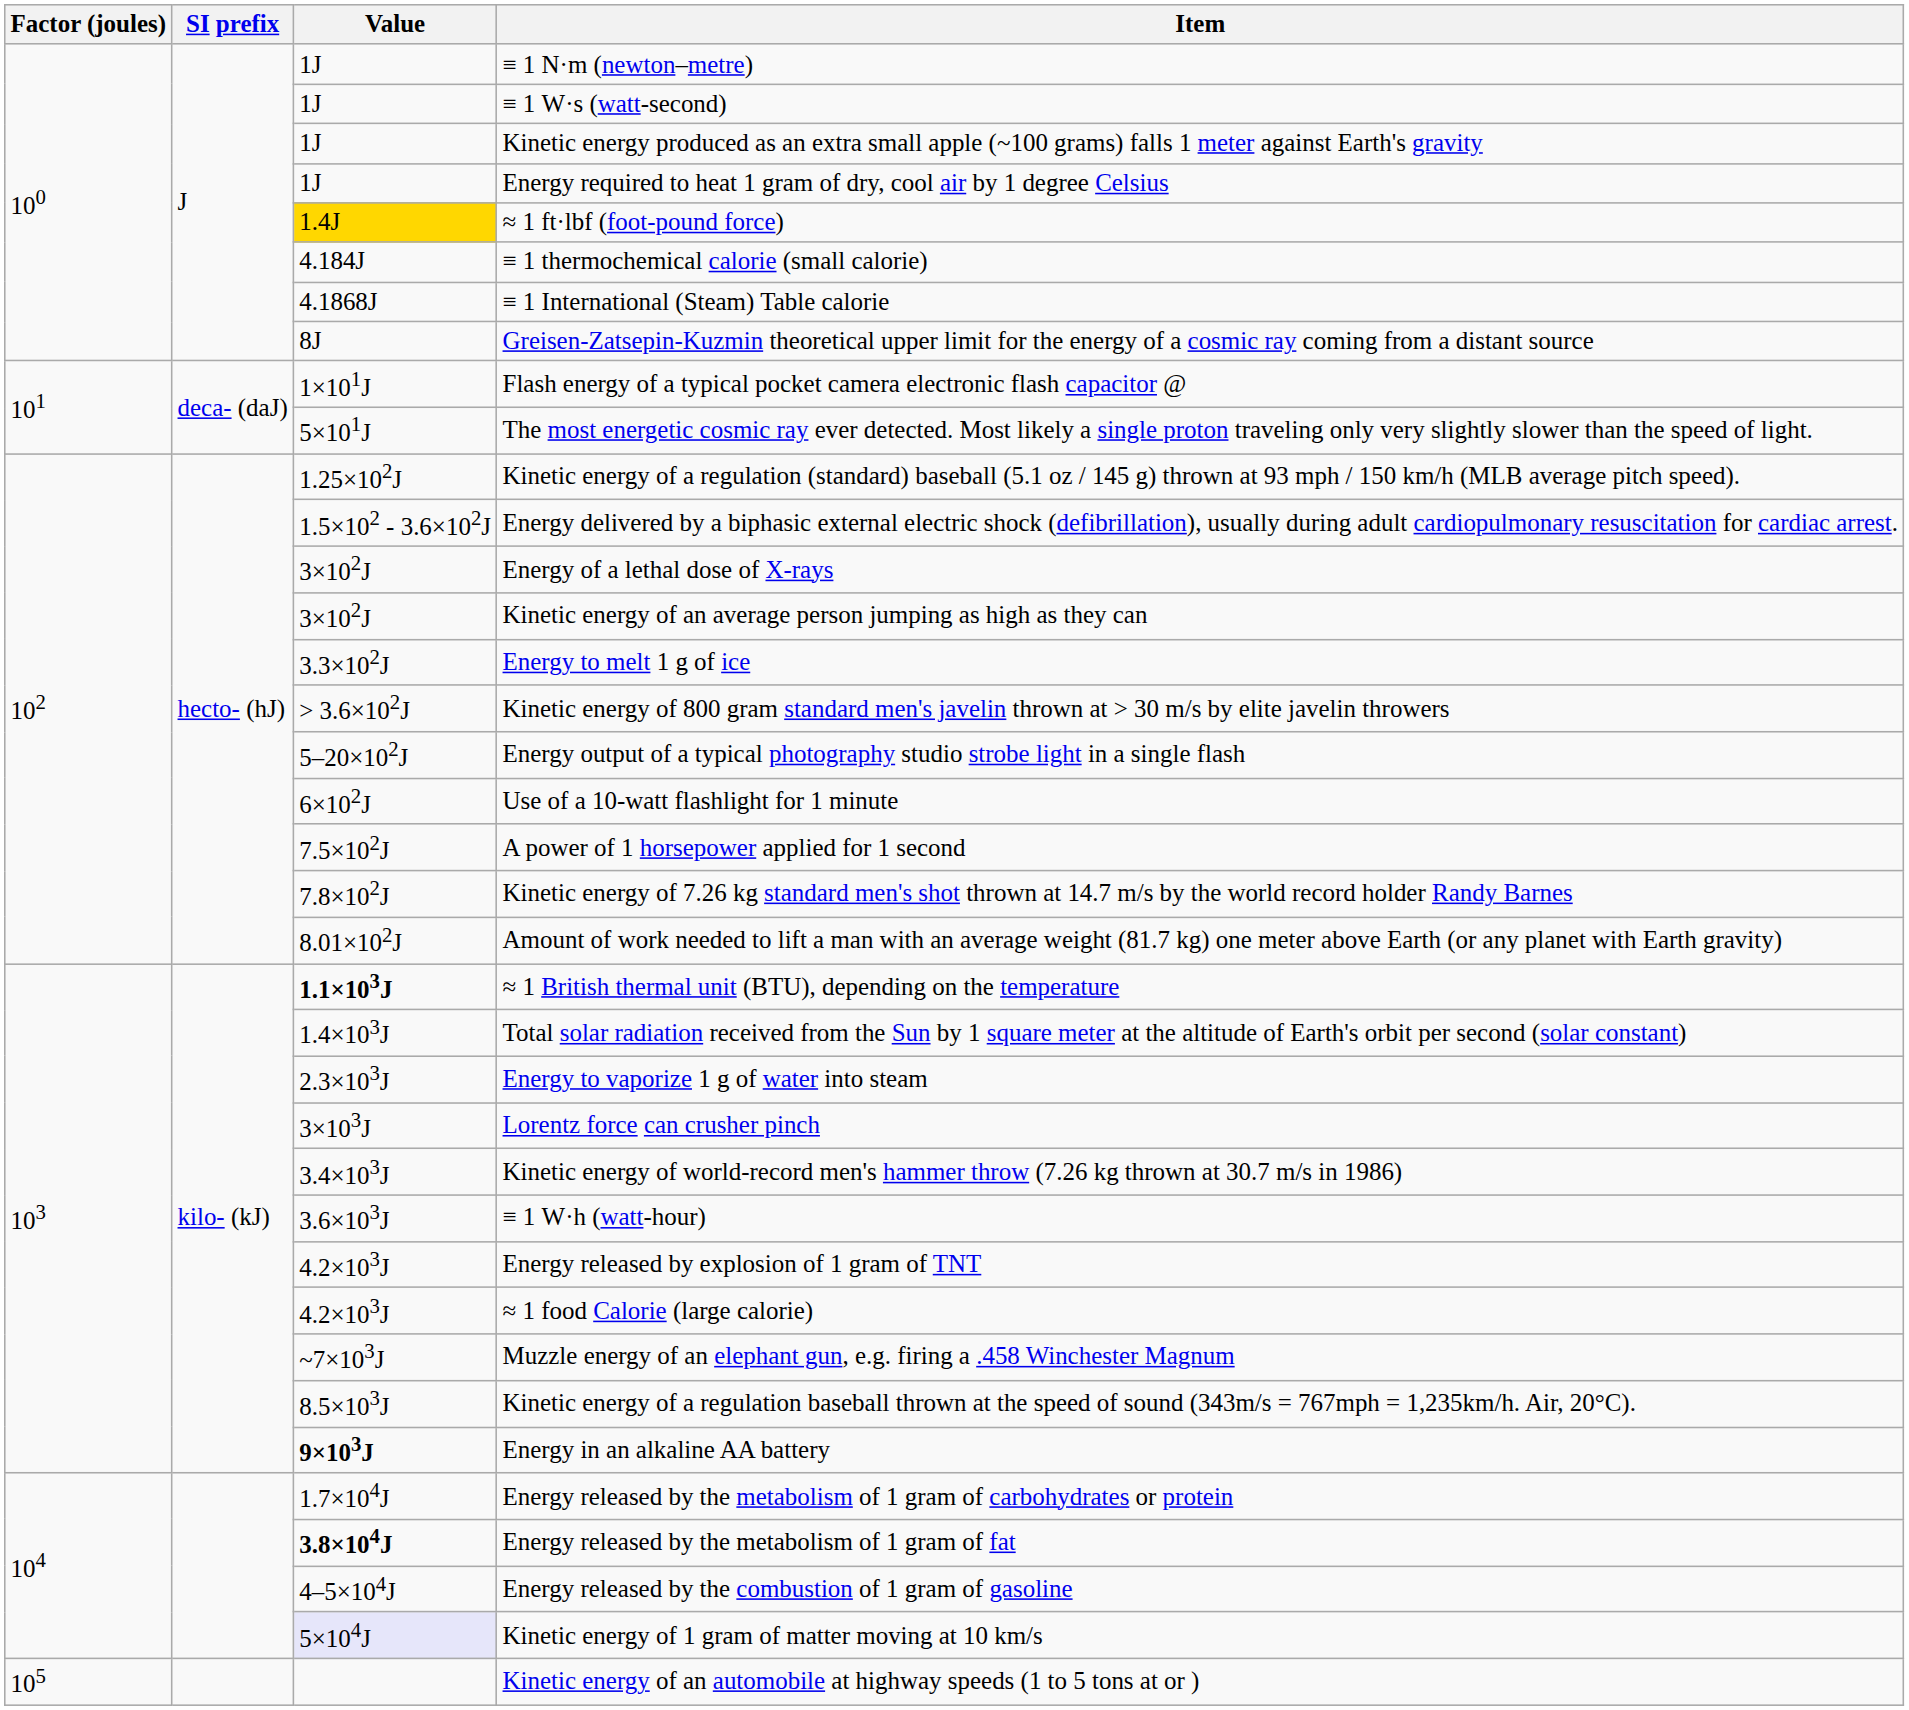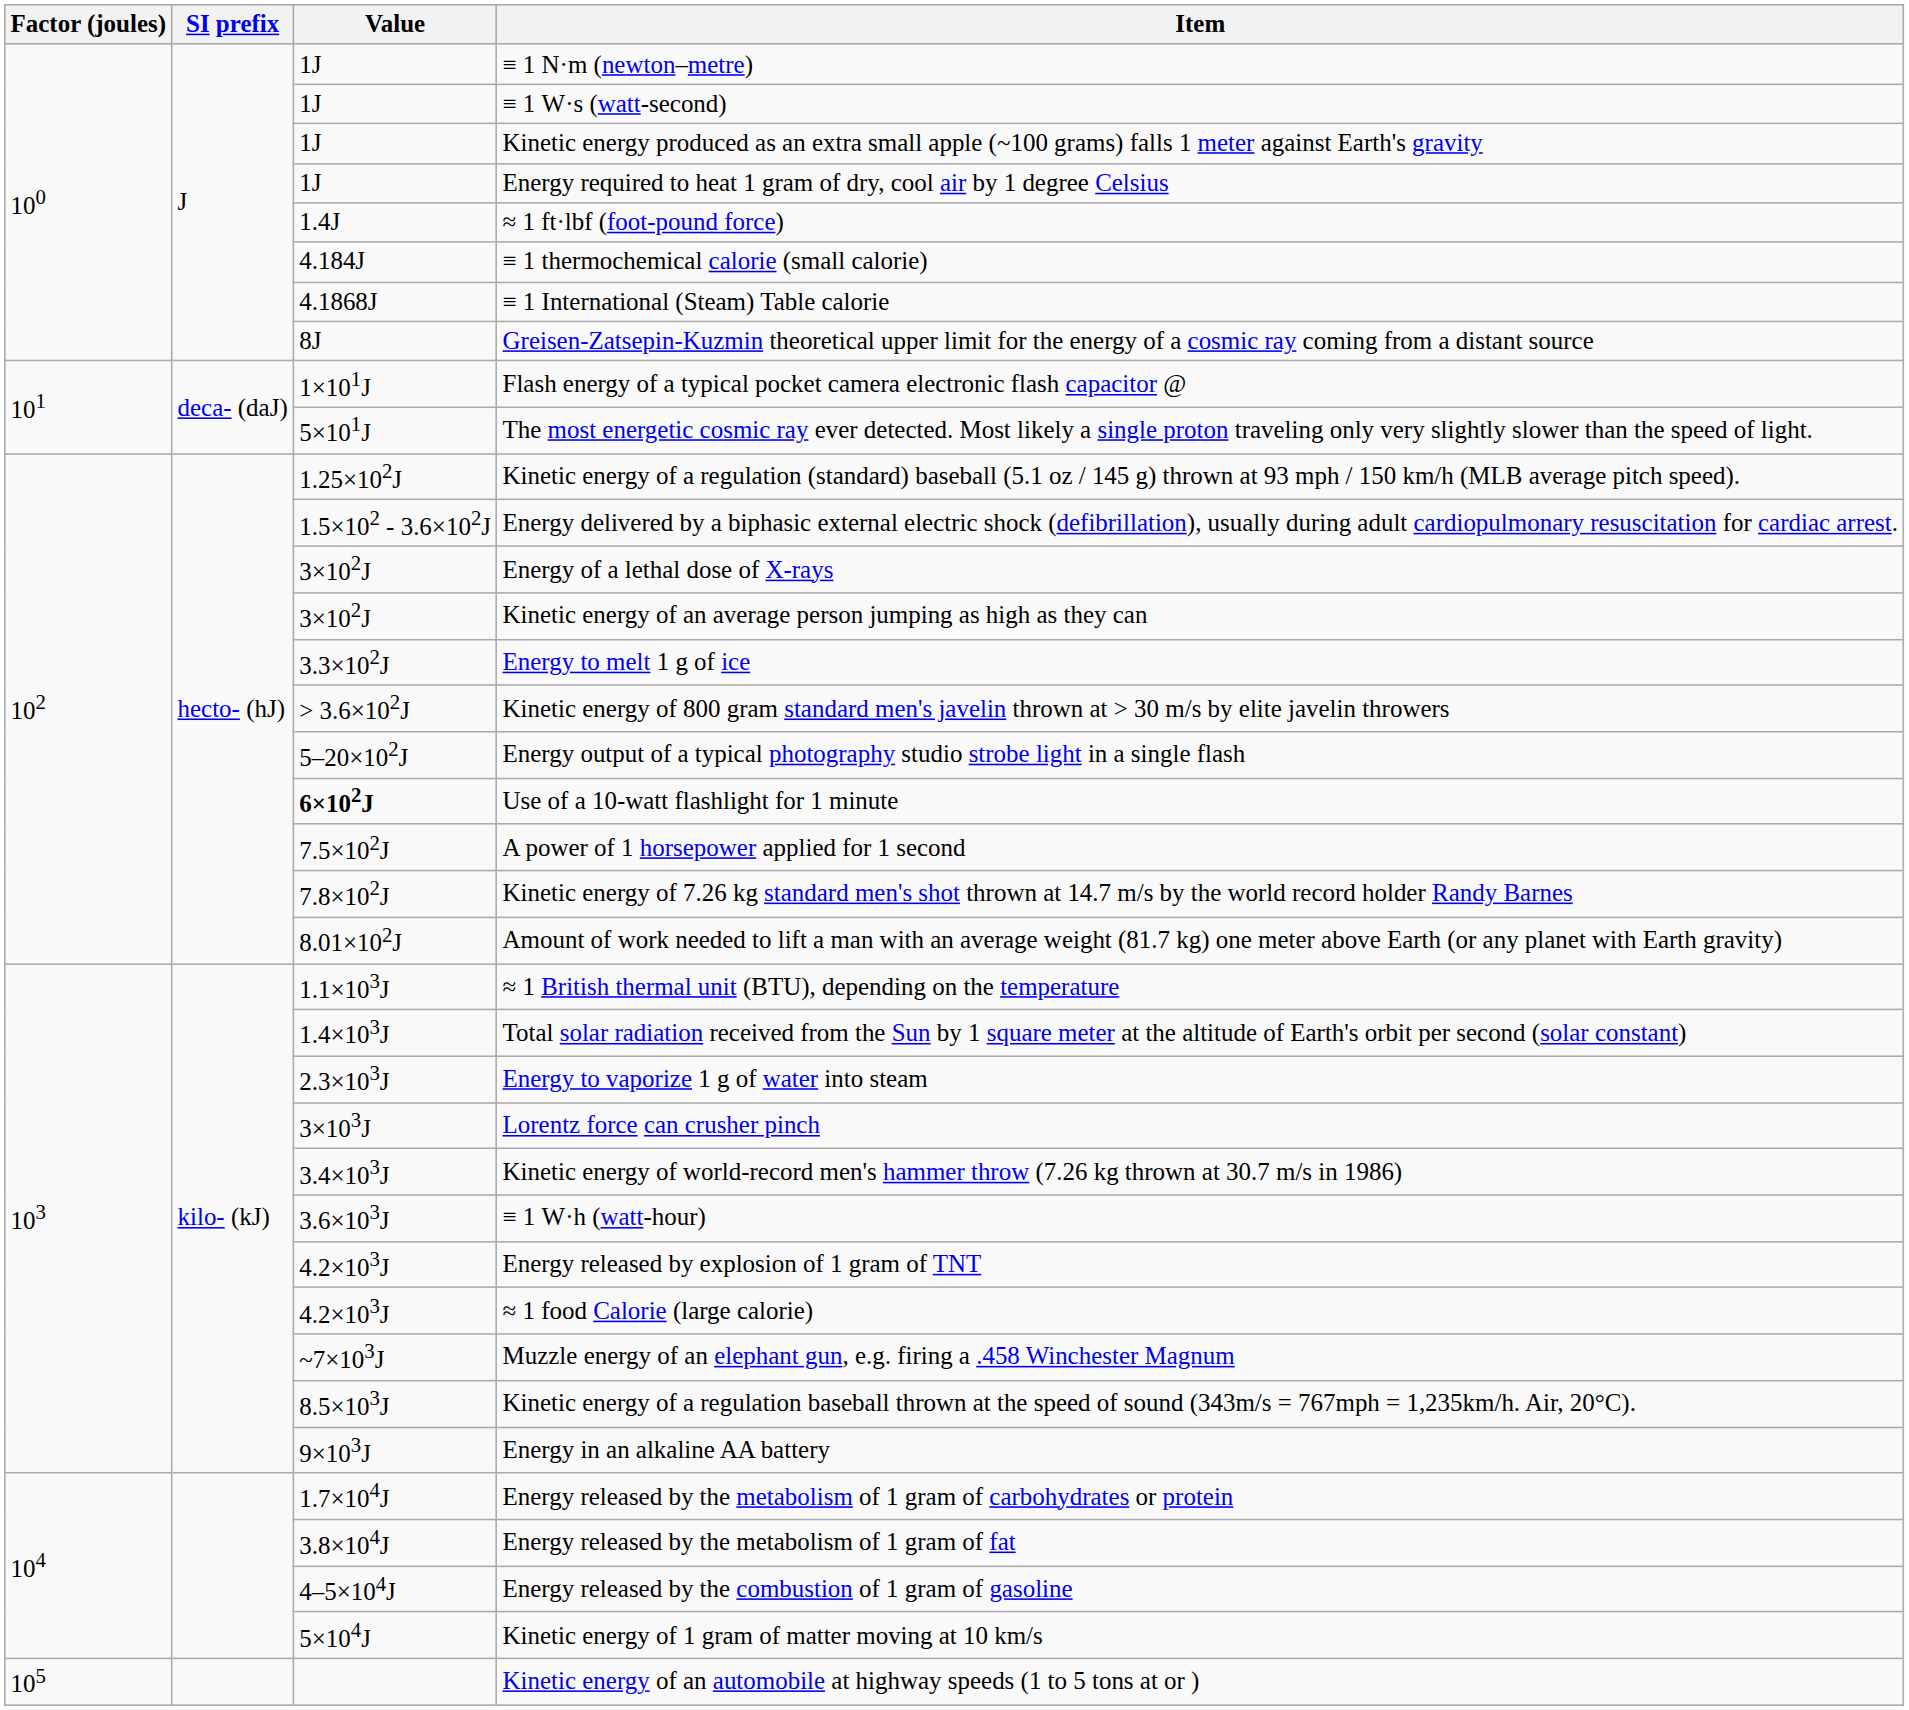 <table class="wikitable">
 <tr>
 <th>Factor (joules)</th>
 <th><a href='#'>SI</a> <a href='#'>prefix</a></th>
 <th>Value</th>
 <th>Item</th>
 </tr>
 <tr>
 <td rowspan=8>10<sup>0</sup></td>
 <td rowspan=8>J</td>
 <td>1J</td>
 <td>≡ 1 N·m (<a href='#'>newton</a>–<a href='#'>metre</a>)</td>
 </tr>
 <tr>
 <td>1J</td>
 <td>≡ 1 W·s (<a href='#'>watt</a>-second)</td>
 </tr>
 <tr>
 <td>1J</td>
 <td>Kinetic energy produced as an extra small apple (~100 grams) falls 1 <a href='#'>meter</a> against Earth's <a href='#'>gravity</a></td>
 </tr>
 <tr>
 <td>1J</td>
 <td>Energy required to heat 1 gram of dry, cool <a href='#'>air</a> by 1 degree <a href='#'>Celsius</a></td>
 </tr>
 <tr>
-<td style="background: gold;">1.4J</td>
+<td>1.4J</td>
 <td>≈ 1 ft·lbf (<a href='#'>foot-pound force</a>)</td>
 </tr>
 <tr>
 <td>4.184J</td>
 <td>≡ 1 thermochemical <a href='#'>calorie</a> (small calorie)</td>
 </tr>
 <tr>
 <td>4.1868J</td>
 <td>≡ 1 International (Steam) Table calorie</td>
 </tr>
 <tr>
 <td>8J</td>
 <td><a href='#'>Greisen-Zatsepin-Kuzmin</a> theoretical upper limit for the energy of a <a href='#'>cosmic ray</a> coming from a distant source</td>
 </tr>
 <tr>
 <td rowspan="2">10<sup>1</sup></td>
 <td rowspan="2"><a href='#'>deca-</a> (daJ)</td>
 <td>1×10<sup>1</sup>J</td>
 <td>Flash energy of a typical pocket camera electronic flash <a href='#'>capacitor</a>  @ </td>
 </tr>
 <tr>
 <td>5×10<sup>1</sup>J</td>
 <td>The <a href='#'>most energetic cosmic ray</a> ever detected. Most likely a <a href='#'>single proton</a> traveling only very slightly slower than the speed of light.</td>
 </tr>
 <tr>
 <td rowspan="11">10<sup>2</sup></td>
 <td rowspan="11"><a href='#'>hecto-</a> (hJ)</td>
 <td>1.25×10<sup>2</sup>J</td>
 <td>Kinetic energy of a regulation (standard) baseball (5.1 oz / 145 g) thrown at 93 mph / 150 km/h (MLB average pitch speed).</td>
 </tr>
 <tr>
 <td>1.5×10<sup>2</sup> - 3.6×10<sup>2</sup>J</td>
 <td>Energy delivered by a biphasic external electric shock (<a href='#'>defibrillation</a>), usually during adult <a href='#'>cardiopulmonary resuscitation</a> for <a href='#'>cardiac arrest</a>.</td>
 </tr>
 <tr>
 <td>3×10<sup>2</sup>J</td>
 <td>Energy of a lethal dose of <a href='#'>X-rays</a></td>
 </tr>
 <tr>
 <td>3×10<sup>2</sup>J</td>
 <td>Kinetic energy of an average person jumping as high as they can</td>
 </tr>
 <tr>
 <td>3.3×10<sup>2</sup>J</td>
 <td><a href='#'>Energy to melt</a> 1 g of <a href='#'>ice</a></td>
 </tr>
 <tr>
 <td>> 3.6×10<sup>2</sup>J</td>
 <td>Kinetic energy of 800 gram <a href='#'>standard men's javelin</a> thrown at > 30 m/s by elite javelin throwers</td>
 </tr>
 <tr>
 <td>5–20×10<sup>2</sup>J</td>
 <td>Energy output of a typical <a href='#'>photography</a> studio <a href='#'>strobe light</a> in a single flash</td>
 </tr>
 <tr>
-<td>6×10<sup>2</sup>J</td>
+<td><strong>6×10<sup>2</sup>J</strong></td>
 <td>Use of a 10-watt flashlight for 1 minute</td>
 </tr>
 <tr>
 <td>7.5×10<sup>2</sup>J</td>
 <td>A power of 1 <a href='#'>horsepower</a> applied for 1 second</td>
 </tr>
 <tr>
 <td>7.8×10<sup>2</sup>J</td>
 <td>Kinetic energy of 7.26 kg <a href='#'>standard men's shot</a> thrown at 14.7 m/s by the world record holder <a href='#'>Randy Barnes</a></td>
 </tr>
 <tr>
 <td>8.01×10<sup>2</sup>J</td>
 <td>Amount of work needed to lift a man with an average weight (81.7 kg) one meter above Earth (or any planet with Earth gravity)</td>
 </tr>
 <tr>
 <td rowspan="11">10<sup>3</sup></td>
 <td rowspan="11"><a href='#'>kilo-</a> (kJ)</td>
-<td><strong>1.1×10<sup>3</sup>J</strong></td>
+<td>1.1×10<sup>3</sup>J</td>
 <td>≈ 1 <a href='#'>British thermal unit</a> (BTU), depending on the <a href='#'>temperature</a></td>
 </tr>
 <tr>
 <td>1.4×10<sup>3</sup>J</td>
 <td>Total <a href='#'>solar radiation</a> received from the <a href='#'>Sun</a> by 1 <a href='#'>square meter</a> at the altitude of Earth's orbit per second (<a href='#'>solar constant</a>)</td>
 </tr>
 <tr>
 <td>2.3×10<sup>3</sup>J</td>
 <td><a href='#'>Energy to vaporize</a> 1 g of <a href='#'>water</a> into steam</td>
 </tr>
 <tr>
 <td>3×10<sup>3</sup>J</td>
 <td><a href='#'>Lorentz force</a> <a href='#'>can crusher pinch</a></td>
 </tr>
 <tr>
 <td>3.4×10<sup>3</sup>J</td>
 <td>Kinetic energy of world-record men's <a href='#'>hammer throw</a> (7.26 kg thrown at 30.7 m/s in 1986)</td>
 </tr>
 <tr>
 <td>3.6×10<sup>3</sup>J</td>
 <td>≡ 1 W·h (<a href='#'>watt</a>-hour)</td>
 </tr>
 <tr>
 <td>4.2×10<sup>3</sup>J</td>
 <td>Energy released by explosion of 1 gram of <a href='#'>TNT</a></td>
 </tr>
 <tr>
 <td>4.2×10<sup>3</sup>J</td>
 <td>≈ 1 food <a href='#'>Calorie</a> (large calorie)</td>
 </tr>
 <tr>
 <td>~7×10<sup>3</sup>J</td>
 <td>Muzzle energy of an <a href='#'>elephant gun</a>, e.g. firing a <a href='#'>.458 Winchester Magnum</a></td>
 </tr>
 <tr>
 <td>8.5×10<sup>3</sup>J</td>
 <td>Kinetic energy of a regulation baseball thrown at the speed of sound (343m/s = 767mph = 1,235km/h. Air, 20°C).</td>
 </tr>
 <tr>
-<td><strong>9×10<sup>3</sup>J</strong></td>
+<td>9×10<sup>3</sup>J</td>
 <td>Energy in an alkaline AA battery</td>
 </tr>
 <tr>
 <td rowspan=4>10<sup>4</sup></td>
 <td rowspan=4> </td>
 <td>1.7×10<sup>4</sup>J</td>
 <td>Energy released by the <a href='#'>metabolism</a> of 1 gram of <a href='#'>carbohydrates</a> or <a href='#'>protein</a></td>
 </tr>
 <tr>
-<td><strong>3.8×10<sup>4</sup>J</strong></td>
+<td>3.8×10<sup>4</sup>J</td>
 <td>Energy released by the metabolism of 1 gram of <a href='#'>fat</a></td>
 </tr>
 <tr>
 <td>4–5×10<sup>4</sup>J</td>
 <td>Energy released by the <a href='#'>combustion</a> of 1 gram of <a href='#'>gasoline</a></td>
 </tr>
 <tr>
-<td style="background: lavender;">5×10<sup>4</sup>J</td>
+<td>5×10<sup>4</sup>J</td>
 <td>Kinetic energy of 1 gram of matter moving at 10 km/s</td>
 </tr>
 <tr>
 <td>10<sup>5</sup></td>
 <td> </td>
 <td></td>
 <td><a href='#'>Kinetic energy</a> of an <a href='#'>automobile</a> at highway speeds (1 to 5 tons at  or )</td>
 </tr>
 </table>
